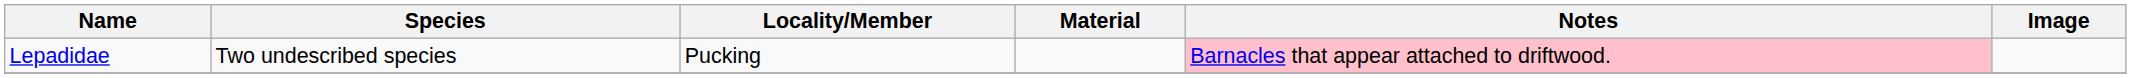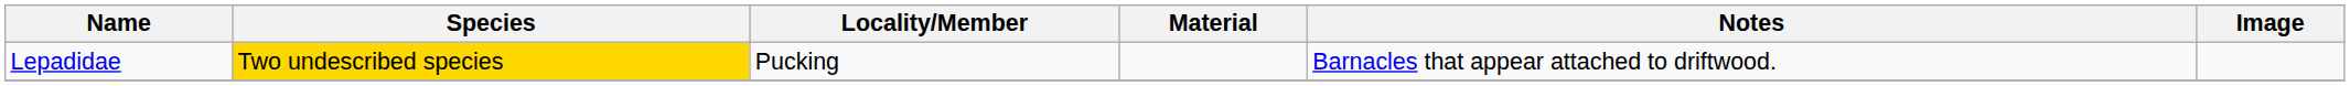 <table class="wikitable" align="center" width="100%">
 <tr>
 <th>Name</th>
 <th>Species</th>
 <th>Locality/Member</th>
 <th>Material</th>
 <th>Notes</th>
 <th>Image</th>
 </tr>
 <tr>
 <td><a href='#'>Lepadidae</a></td>
-<td>Two undescribed species</td>
+<td style="background: gold;">Two undescribed species</td>
 <td>Pucking</td>
 <td></td>
-<td style="background: pink;"><a href='#'>Barnacles</a> that appear attached to driftwood.</td>
+<td><a href='#'>Barnacles</a> that appear attached to driftwood.</td>
 <td></td>
 </tr>
 <tr>
 </tr>
 </table>
